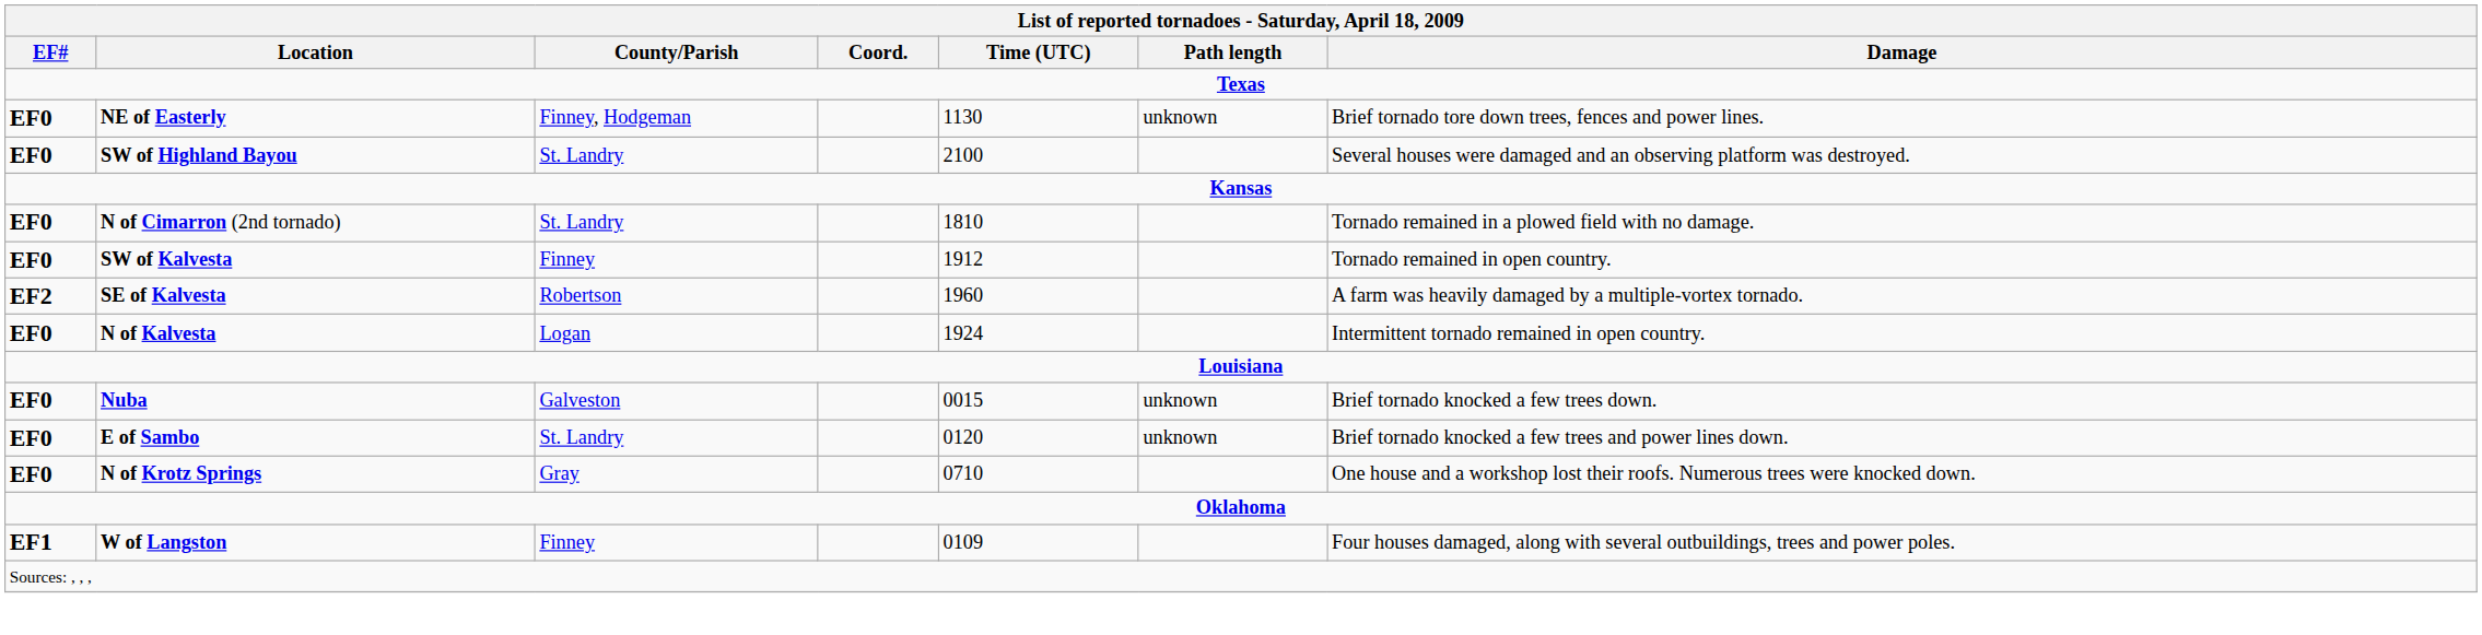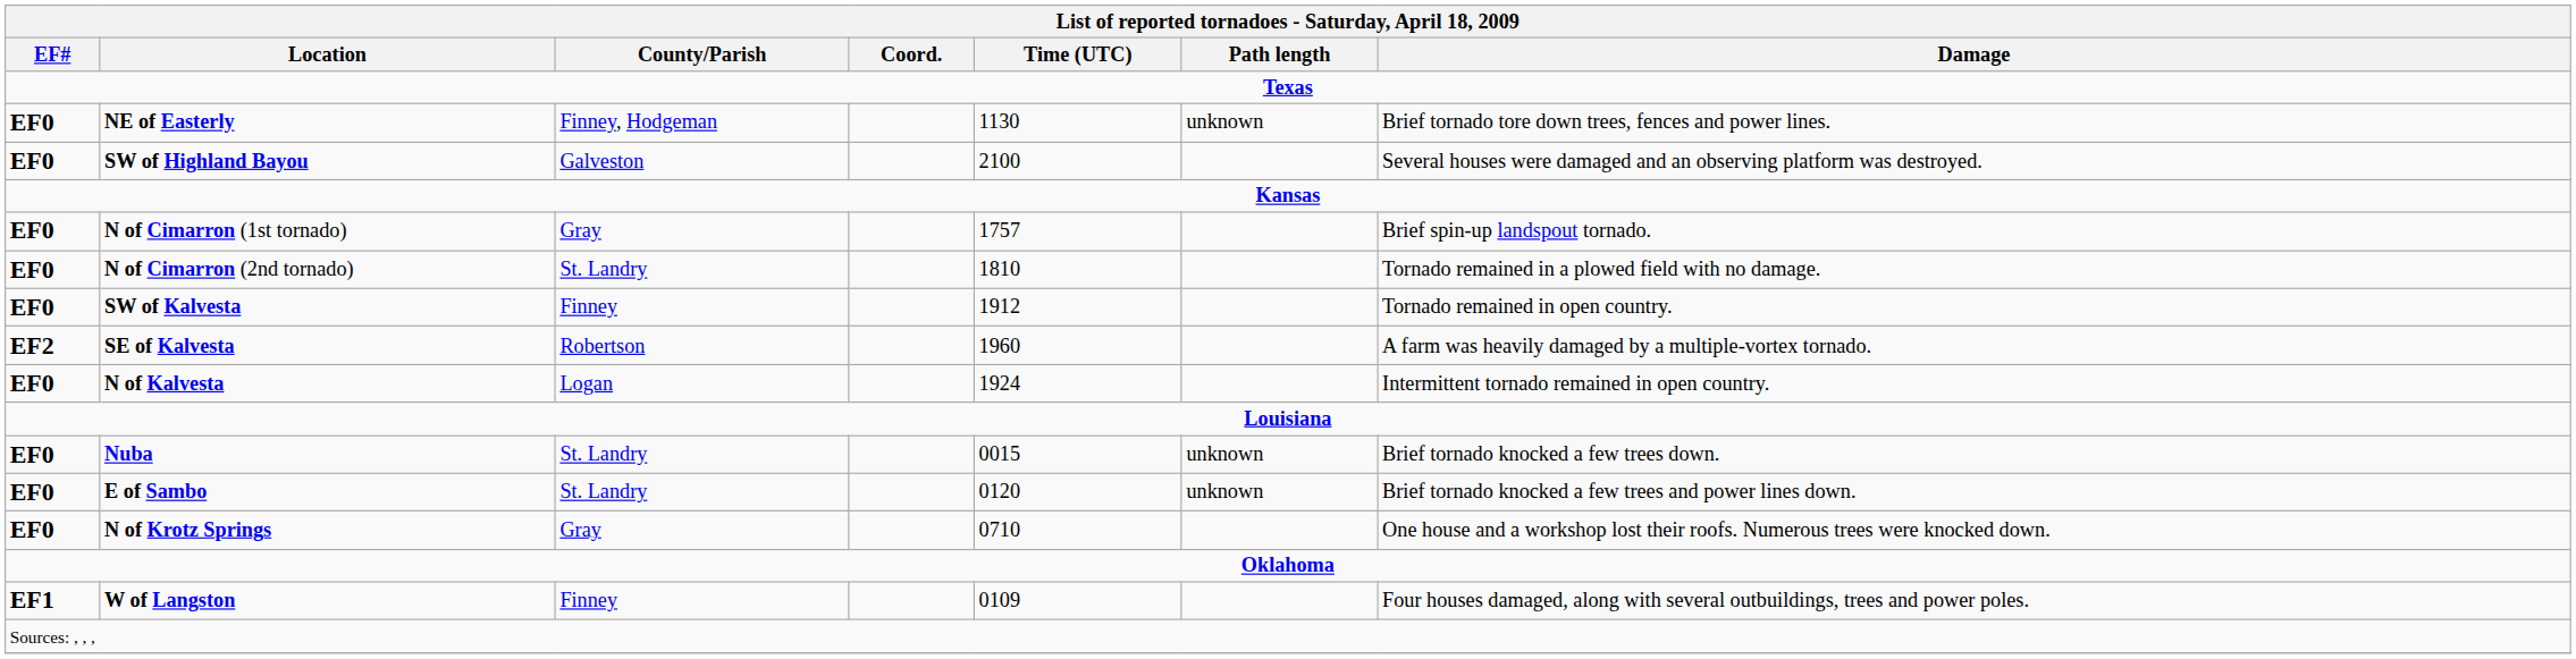 <table class="wikitable collapsible" width="100%">
 <tr>
 <th colspan="7">List of reported tornadoes - Saturday, April 18, 2009</th>
 </tr>
 <tr>
 <th><a href='#'>EF#</a></th>
 <th>Location</th>
 <th>County/Parish</th>
 <th>Coord.</th>
 <th>Time (UTC)</th>
 <th>Path length</th>
 <th>Damage</th>
 </tr>
 <tr>
 <td colspan="7" align=center><strong><a href='#'>Texas</a></strong></td>
 </tr>
 <tr>
 <td><big><strong>EF0</strong></big></td>
 <td><strong>NE of <a href='#'>Easterly</a></strong></td>
 <td><a href='#'>Finney</a>, <a href='#'>Hodgeman</a></td>
 <td></td>
 <td>1130</td>
 <td>unknown</td>
 <td>Brief tornado tore down trees, fences and power lines.</td>
 </tr>
 <tr>
 <td><big><strong>EF0</strong></big></td>
 <td><strong>SW of <a href='#'>Highland Bayou</a></strong></td>
-<td><a href='#'>St. Landry</a></td>
+<td><a href='#'>Galveston</a></td>
 <td></td>
 <td>2100</td>
 <td></td>
 <td>Several houses were damaged and an observing platform was destroyed.</td>
 </tr>
 <tr>
 <td colspan="7" align=center><strong><a href='#'>Kansas</a></strong></td>
+</tr>
+<tr>
+<td><big><strong>EF0</strong></big></td>
+<td><strong>N of <a href='#'>Cimarron</a></strong> (1st tornado)</td>
+<td><a href='#'>Gray</a></td>
+<td></td>
+<td>1757</td>
+<td></td>
+<td>Brief spin-up <a href='#'>landspout</a> tornado.</td>
 </tr>
 <tr>
 <td><big><strong>EF0</strong></big></td>
 <td><strong>N of <a href='#'>Cimarron</a></strong> (2nd tornado)</td>
 <td><a href='#'>St. Landry</a></td>
 <td></td>
 <td>1810</td>
 <td></td>
 <td>Tornado remained in a plowed field with no damage.</td>
 </tr>
 <tr>
 <td><big><strong>EF0</strong></big></td>
 <td><strong>SW of <a href='#'>Kalvesta</a></strong></td>
 <td><a href='#'>Finney</a></td>
 <td></td>
 <td>1912</td>
 <td></td>
 <td>Tornado remained in open country.</td>
 </tr>
 <tr>
 <td><big><strong>EF2</strong></big></td>
 <td><strong>SE of <a href='#'>Kalvesta</a></strong></td>
 <td><a href='#'>Robertson</a></td>
 <td></td>
 <td>1960</td>
 <td></td>
 <td>A farm was heavily damaged by a multiple-vortex tornado.</td>
 </tr>
 <tr>
 <td><big><strong>EF0</strong></big></td>
 <td><strong>N of <a href='#'>Kalvesta</a></strong></td>
 <td><a href='#'>Logan</a></td>
 <td></td>
 <td>1924</td>
 <td></td>
 <td>Intermittent tornado remained in open country.</td>
 </tr>
 <tr>
 <td colspan="7" align=center><strong><a href='#'>Louisiana</a></strong></td>
 </tr>
 <tr>
 <td><big><strong>EF0</strong></big></td>
 <td><strong><a href='#'>Nuba</a></strong></td>
-<td><a href='#'>Galveston</a></td>
+<td><a href='#'>St. Landry</a></td>
 <td></td>
 <td>0015</td>
 <td>unknown</td>
 <td>Brief tornado knocked a few trees down.</td>
 </tr>
 <tr>
 <td><big><strong>EF0</strong></big></td>
 <td><strong>E of <a href='#'>Sambo</a></strong></td>
 <td><a href='#'>St. Landry</a></td>
 <td></td>
 <td>0120</td>
 <td>unknown</td>
 <td>Brief tornado knocked a few trees and power lines down.</td>
 </tr>
 <tr>
 <td><big><strong>EF0</strong></big></td>
 <td><strong>N of <a href='#'>Krotz Springs</a></strong></td>
 <td><a href='#'>Gray</a></td>
 <td></td>
 <td>0710</td>
 <td></td>
 <td>One house and a workshop lost their roofs. Numerous trees were knocked down.</td>
 </tr>
 <tr>
 <td colspan="7" align=center><strong><a href='#'>Oklahoma</a></strong></td>
 </tr>
 <tr>
 <td><big><strong>EF1</strong></big></td>
 <td><strong>W of <a href='#'>Langston</a></strong></td>
 <td><a href='#'>Finney</a></td>
 <td></td>
 <td>0109</td>
 <td></td>
 <td>Four houses damaged, along with several outbuildings, trees and power poles.</td>
 </tr>
 <tr>
 <td colspan="7"><small>Sources: , , , </small></td>
 </tr>
 <tr>
 </tr>
 </table>
